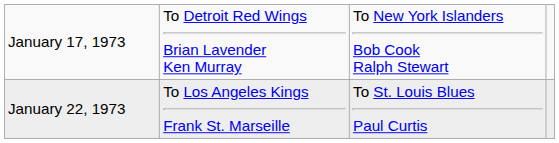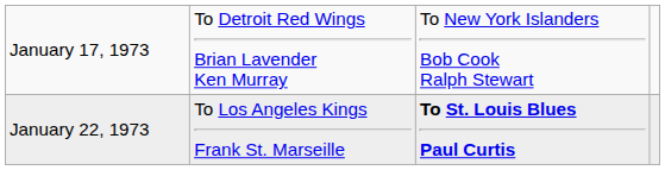 <table class="wikitable" style="border:1px solid #999; width:580px;">
 <tr>
 <td>January 17, 1973</td>
 <td valign="top">To <a href='#'>Detroit Red Wings</a><hr><a href='#'>Brian Lavender</a><br><a href='#'>Ken Murray</a></td>
 <td valign="top">To <a href='#'>New York Islanders</a><hr><a href='#'>Bob Cook</a><br><a href='#'>Ralph Stewart</a></td>
 <td></td>
 </tr>
 <tr bgcolor="eeeeee">
 <td>January 22, 1973</td>
 <td valign="top">To <a href='#'>Los Angeles Kings</a><hr><a href='#'>Frank St. Marseille</a></td>
-<td valign="top">To <a href='#'>St. Louis Blues</a><hr><a href='#'>Paul Curtis</a></td>
+<td valign="top"><strong>To <a href='#'>St. Louis Blues</a><hr><a href='#'>Paul Curtis</a></strong></td>
 <td></td>
 </tr>
 </table>
